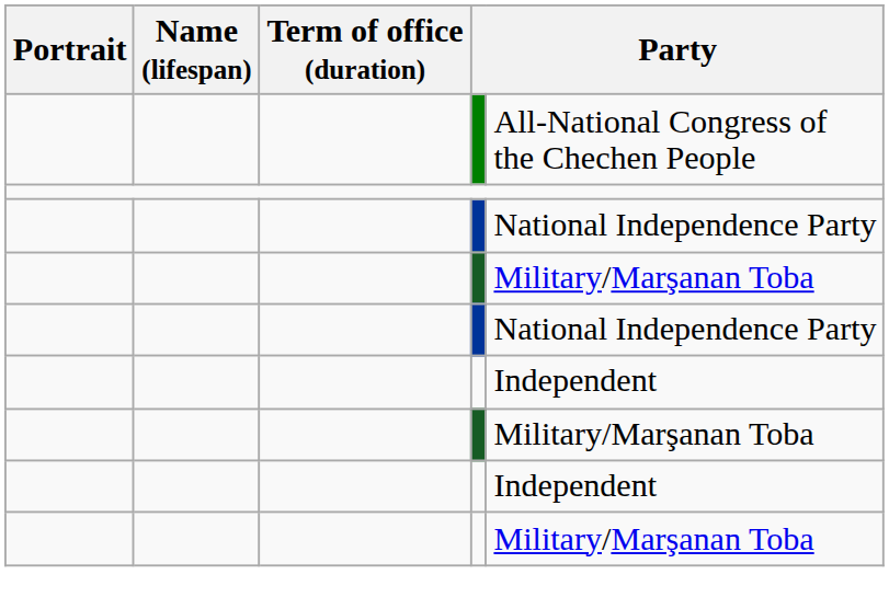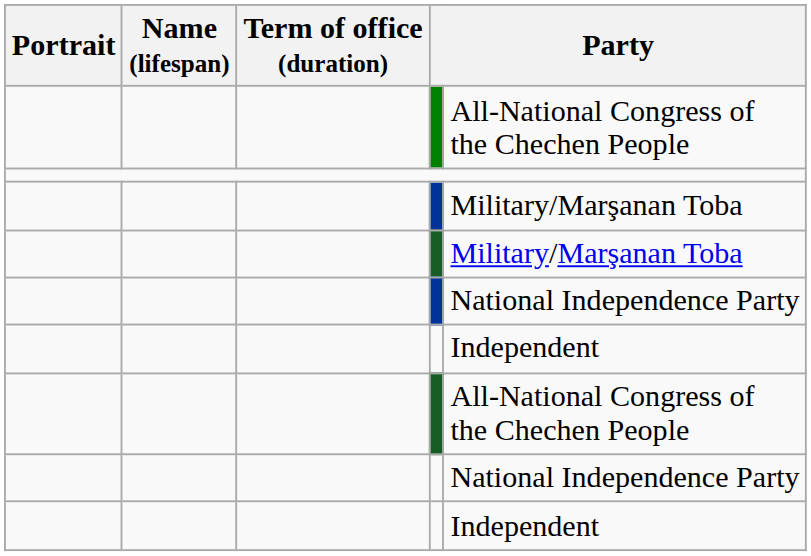 <table class="wikitable">
 <tr>
 <th>Portrait</th>
 <th>Name<br><small>(lifespan)</small></th>
 <th>Term of office<br><small>(duration)</small></th>
 <th colspan=2>Party</th>
 </tr>
 <tr>
 <td></td>
 <td></td>
 <td></td>
 <td style="background-color:#008000"></td>
 <td>All-National Congress of<br>the Chechen People</td>
 </tr>
 <tr>
 <td colspan=5></td>
 </tr>
 <tr>
 <td></td>
 <td></td>
 <td></td>
 <td style="background-color:#003399"></td>
-<td>National Independence Party</td>
+<td>Military/Marşanan Toba</td>
 </tr>
 <tr>
 <td></td>
 <td></td>
 <td></td>
 <td style="background-color:#175c24"></td>
 <td><a href='#'>Military</a>/<a href='#'>Marşanan Toba</a></td>
 </tr>
 <tr>
 <td></td>
 <td></td>
 <td></td>
 <td style="background-color:#003399"></td>
 <td>National Independence Party</td>
 </tr>
 <tr>
 <td></td>
 <td></td>
 <td></td>
 <td style="background-color:"></td>
 <td>Independent</td>
 </tr>
 <tr>
 <td></td>
 <td></td>
 <td></td>
 <td style="background-color:#175c24"></td>
-<td>Military/Marşanan Toba</td>
+<td>All-National Congress of<br>the Chechen People</td>
+</tr>
+<tr>
+<td></td>
+<td></td>
+<td></td>
+<td style="background-color:"></td>
+<td>National Independence Party</td>
 </tr>
 <tr>
 <td></td>
 <td></td>
 <td></td>
 <td style="background-color:"></td>
 <td>Independent</td>
 </tr>
-<tr>
-<td></td>
-<td></td>
-<td></td>
-<td style="background-color:"></td>
-<td><a href='#'>Military</a>/<a href='#'>Marşanan Toba</a></td>
-</tr>
 </table>
